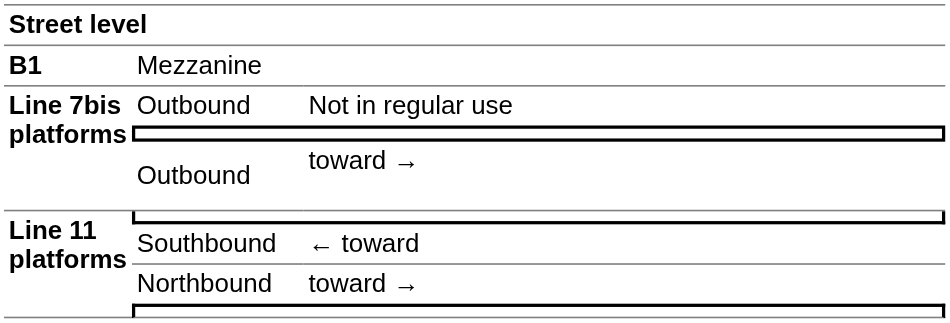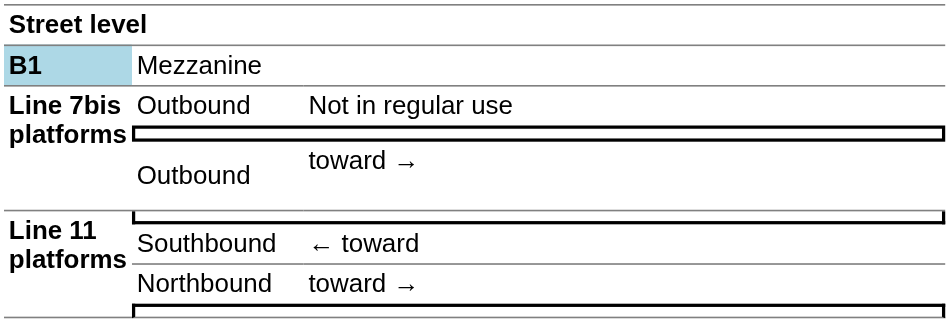 <table cellspacing="0" cellpadding="3" border="0">
 <tr>
 <td colspan="3" style="border-top:solid 1px gray;" width="50" valign="top"><strong>Street level</strong></td>
 </tr>
 <tr>
-<td style="border-top:solid 1px gray;" width="50" valign="top"><strong>B1</strong></td>
+<td style="background: lightblue; border-top:solid 1px gray;" width="50" valign="top"><strong>B1</strong></td>
 <td colspan="2" style="border-top:solid 1px gray;" width="100" valign="top">Mezzanine</td>
 </tr>
 <tr>
 <td rowspan="3" style="border-top:solid 1px gray;border-bottom:solid 1px gray;" width="50" valign="top"><strong>Line 7bis platforms</strong></td>
 <td style="border-top:solid 1px gray;" width="100">Outbound</td>
 <td style="border-top:solid 1px gray;" width="390">Not in regular use</td>
 </tr>
 <tr>
 <td colspan="2" style="border-top:solid 2px black;border-right:solid 2px black;border-left:solid 2px black;border-bottom:solid 2px black;text-align:center;"></td>
 </tr>
 <tr>
 <td style="border-bottom:solid 1px gray;" width="100">Outbound</td>
 <td style="border-bottom:solid 1px gray;" width="390">   toward   →<br><br></td>
 </tr>
 <tr>
 <td rowspan="4" style="border-bottom:solid 1px gray;" width="50" valign="top"><strong>Line 11 platforms</strong></td>
 <td colspan="2" style="border-right:solid 2px black;border-left:solid 2px black;border-bottom:solid 2px black;text-align:center;"></td>
 </tr>
 <tr>
 <td style="border-bottom:solid 1px gray;" width="100">Southbound</td>
 <td style="border-bottom:solid 1px gray;" width="390">←   toward  </td>
 </tr>
 <tr>
 <td>Northbound</td>
 <td>   toward   →</td>
 </tr>
 <tr>
 <td colspan="2" style="border-top:solid 2px black;border-right:solid 2px black;border-left:solid 2px black;border-bottom:solid 1px gray;text-align:center;"></td>
 </tr>
 </table>
